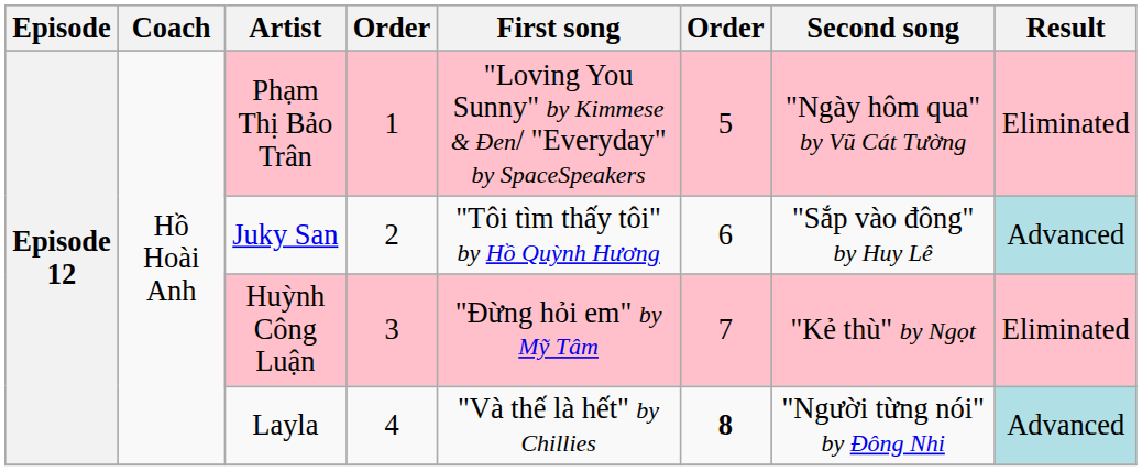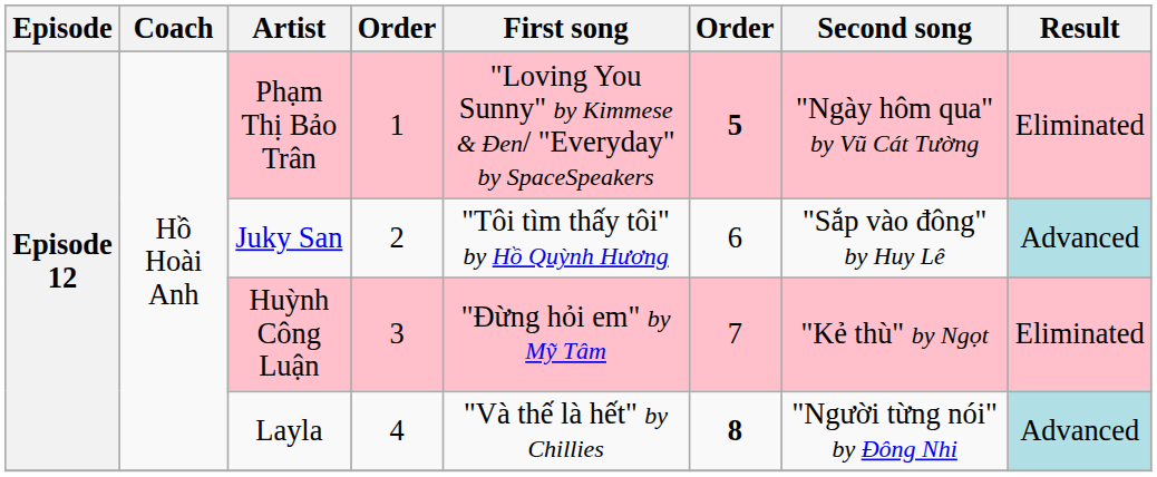 <table class="wikitable" style="text-align:center; width:100%;">
 <tr>
 <th style="width:10%;">Episode</th>
 <th style="width:10%;">Coach</th>
 <th style="width:12%;">Artist</th>
 <th style="width:05%;">Order</th>
 <th style="width:25%;">First song</th>
 <th style="width:05%;">Order</th>
 <th style="width:25%;">Second song</th>
 <th style="width:8%;">Result</th>
 </tr>
 <tr>
 <th rowspan="4" scope="row">Episode 12<br><small></small></th>
 <td rowspan="4">Hồ Hoài Anh</td>
 <td style="background:pink;">Phạm Thị Bảo Trân</td>
 <td style="background:pink;">1</td>
 <td style="background:pink;">"Loving You Sunny" <small><em>by Kimmese & Đen</em></small>/ "Everyday" <small><em>by SpaceSpeakers</em></small></td>
-<td style="background:pink;">5</td>
+<td style="background:pink;"><strong>5</strong></td>
 <td style="background:pink;">"Ngày hôm qua" <small><em>by Vũ Cát Tường</em></small></td>
 <td style="background:pink;">Eliminated</td>
 </tr>
 <tr>
 <td><a href='#'>Juky San</a></td>
 <td>2</td>
 <td>"Tôi tìm thấy tôi" <small><em>by <a href='#'>Hồ Quỳnh Hương</a></em></small></td>
 <td>6</td>
 <td>"Sắp vào đông" <small><em>by Huy Lê</em></small></td>
 <td style="background:#B0E0E6;">Advanced</td>
 </tr>
 <tr>
 <td style="background:pink;">Huỳnh Công Luận</td>
 <td style="background:pink;">3</td>
 <td style="background:pink;">"Đừng hỏi em" <small><em>by <a href='#'>Mỹ Tâm</a></em></small></td>
 <td style="background:pink;">7</td>
 <td style="background:pink;">"Kẻ thù" <small><em>by Ngọt</em></small></td>
 <td style="background:pink;">Eliminated</td>
 </tr>
 <tr>
 <td>Layla</td>
 <td>4</td>
 <td>"Và thế là hết" <small><em>by Chillies</em></small></td>
 <td><strong>8</strong></td>
 <td>"Người từng nói" <small><em>by <a href='#'>Đông Nhi</a></em></small></td>
 <td style="background:#B0E0E6;">Advanced</td>
 </tr>
 <tr>
 </tr>
 </table>
